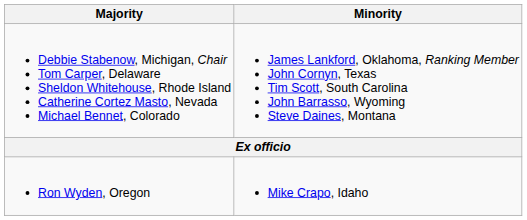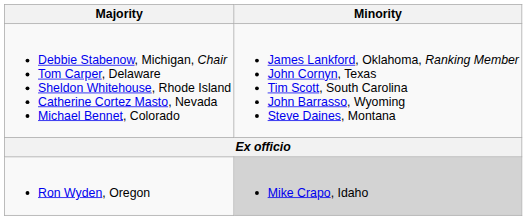 <table class=wikitable>
 <tr>
 <th>Majority</th>
 <th>Minority</th>
 </tr>
 <tr>
 <td><br><ul><li><a href='#'>Debbie Stabenow</a>, Michigan, <em>Chair</em></li><li><a href='#'>Tom Carper</a>, Delaware</li><li><a href='#'>Sheldon Whitehouse</a>, Rhode Island</li><li><a href='#'>Catherine Cortez Masto</a>, Nevada</li><li><a href='#'>Michael Bennet</a>, Colorado</li></ul></td>
 <td><br><ul><li><a href='#'>James Lankford</a>, Oklahoma, <em>Ranking Member</em></li><li><a href='#'>John Cornyn</a>, Texas</li><li><a href='#'>Tim Scott</a>, South Carolina</li><li><a href='#'>John Barrasso</a>, Wyoming</li><li><a href='#'>Steve Daines</a>, Montana</li></ul></td>
 </tr>
 <tr>
 <th colspan=2><em>Ex officio</em></th>
 </tr>
 <tr>
 <td><br><ul><li><a href='#'>Ron Wyden</a>, Oregon</li></ul></td>
-<td><br><ul><li><a href='#'>Mike Crapo</a>, Idaho</li></ul></td>
+<td style="background: lightgrey;"><br><ul><li><a href='#'>Mike Crapo</a>, Idaho</li></ul></td>
 </tr>
 </table>
